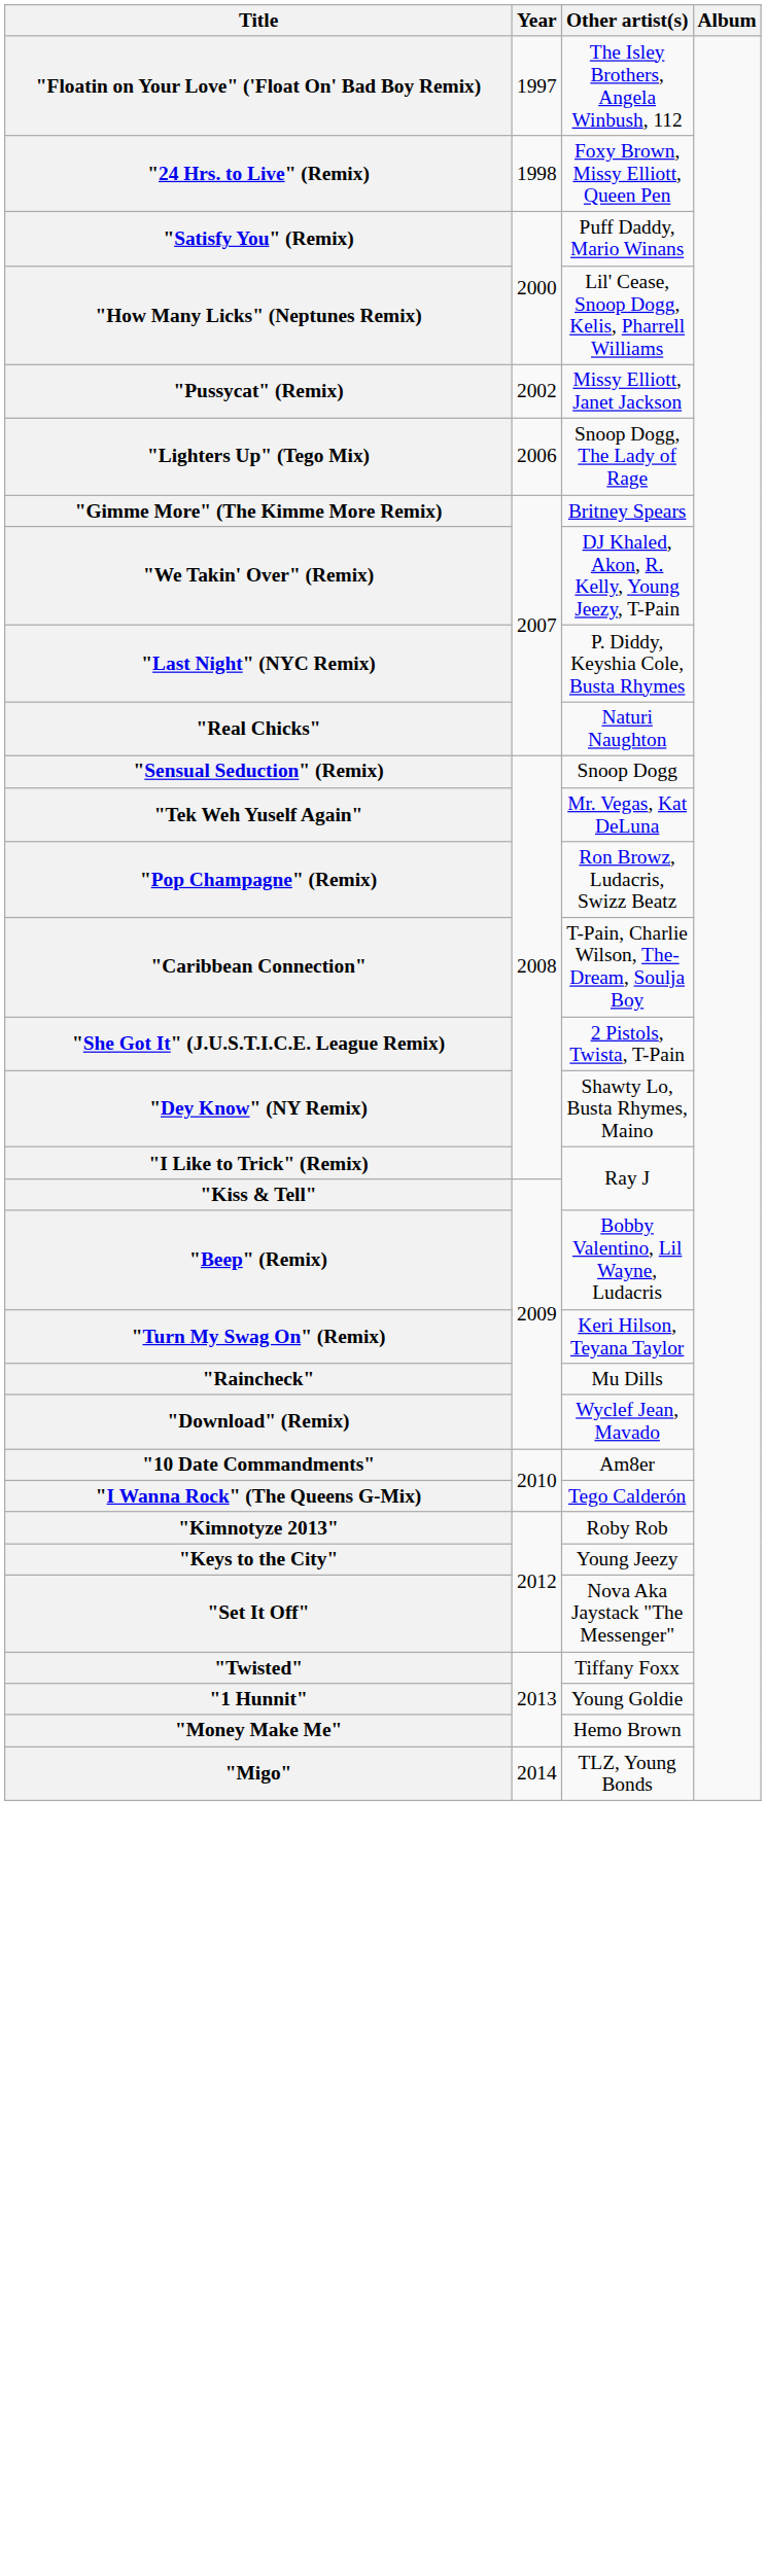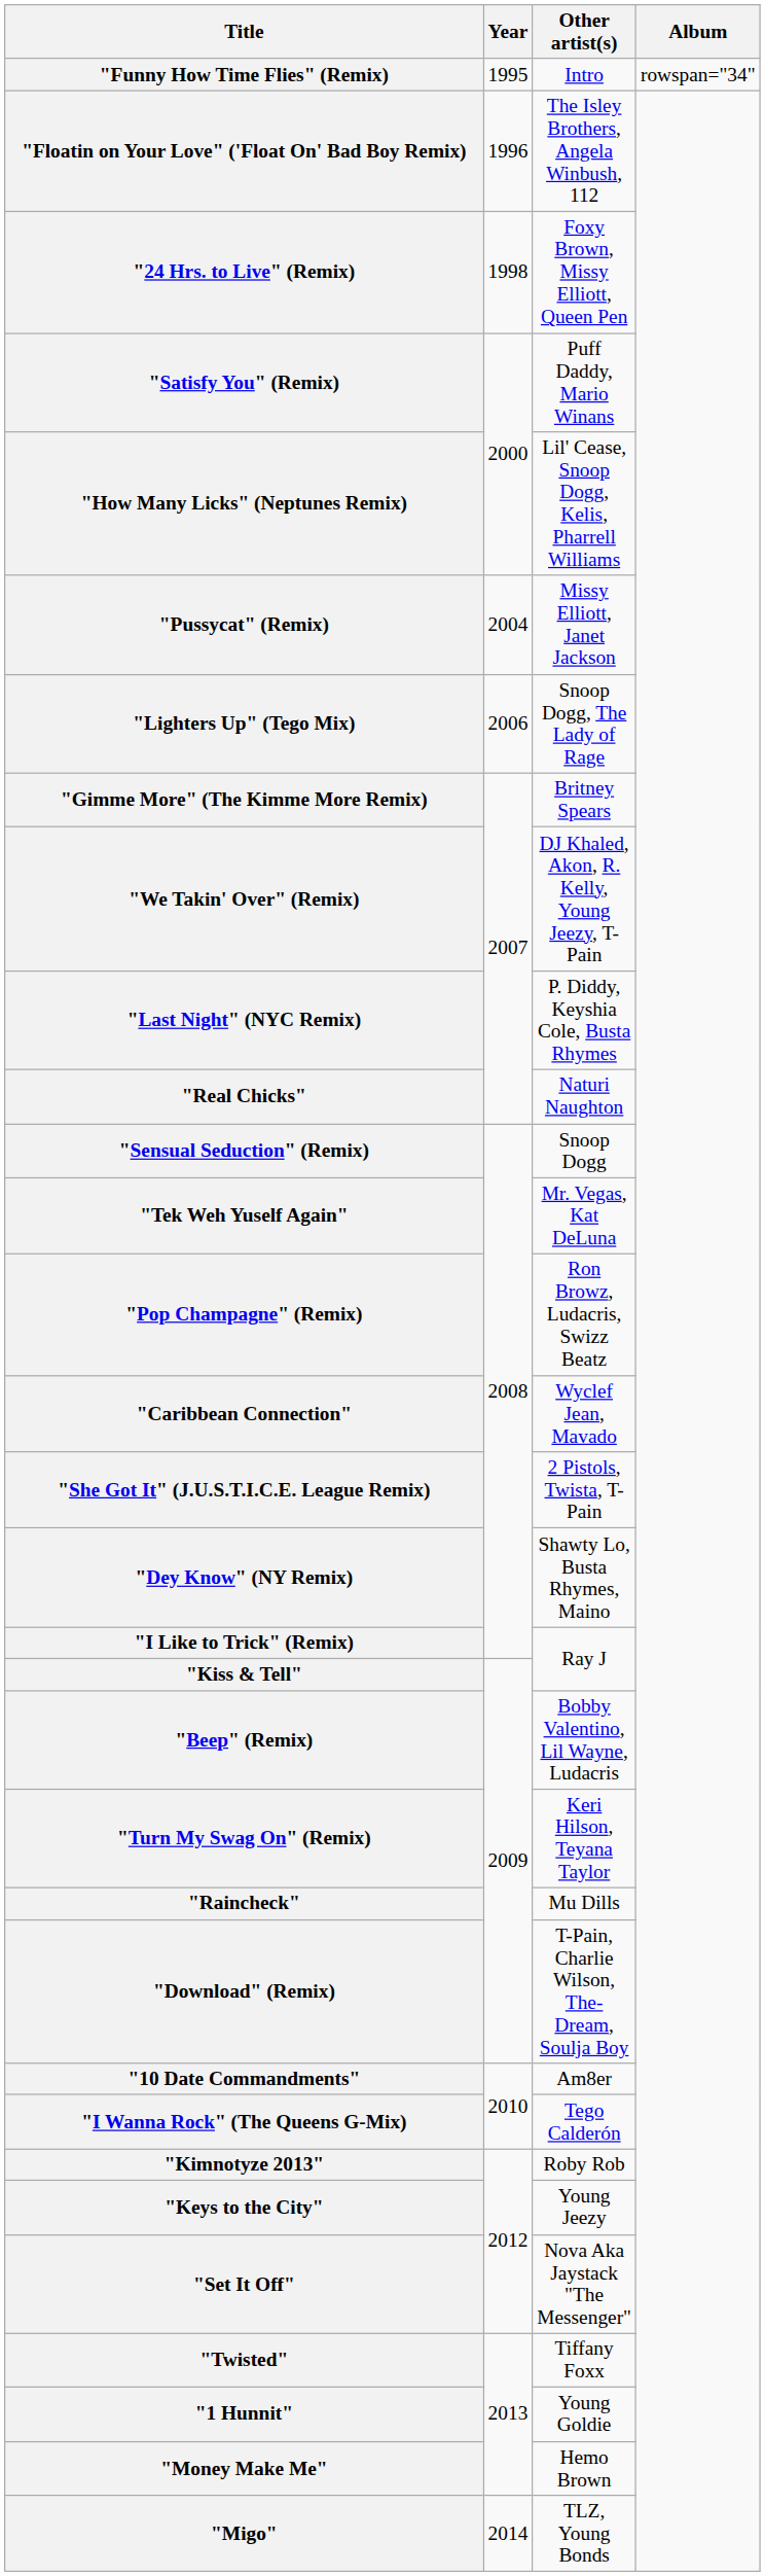 <table class="wikitable plainrowheaders" style="text-align:center;">
 <tr>
 <th scope="col" style="width:25em;">Title</th>
 <th scope="col">Year</th>
 <th scope="col">Other artist(s)</th>
 <th scope="col">Album</th>
 </tr>
 <tr>
+<th scope="row">"Funny How Time Flies" (Remix)</th>
+<td>1995</td>
+<td><a href='#'>Intro</a></td>
+<td>rowspan="34" </td>
+</tr>
+<tr>
 <th scope="row">"Floatin on Your Love" ('Float On' Bad Boy Remix)</th>
-<td>1997</td>
+<td>1996</td>
 <td><a href='#'>The Isley Brothers</a>, <a href='#'>Angela Winbush</a>, 112</td>
 </tr>
 <tr>
 <th scope="row">"<a href='#'>24 Hrs. to Live</a>" (Remix)</th>
 <td>1998</td>
 <td><a href='#'>Foxy Brown</a>, <a href='#'>Missy Elliott</a>, <a href='#'>Queen Pen</a></td>
 </tr>
 <tr>
 <th scope="row">"<a href='#'>Satisfy You</a>" (Remix)</th>
 <td rowspan="2">2000</td>
 <td>Puff Daddy, <a href='#'>Mario Winans</a></td>
 </tr>
 <tr>
 <th scope="row">"How Many Licks" (Neptunes Remix)</th>
 <td>Lil' Cease, <a href='#'>Snoop Dogg</a>, <a href='#'>Kelis</a>, <a href='#'>Pharrell Williams</a></td>
 </tr>
 <tr>
 <th scope="row">"Pussycat" (Remix)</th>
-<td>2002</td>
+<td>2004</td>
 <td><a href='#'>Missy Elliott</a>, <a href='#'>Janet Jackson</a></td>
 </tr>
 <tr>
 <th scope="row">"Lighters Up" (Tego Mix)</th>
 <td>2006</td>
 <td>Snoop Dogg, <a href='#'>The Lady of Rage</a></td>
 </tr>
 <tr>
 <th scope="row">"Gimme More" (The Kimme More Remix)</th>
 <td rowspan="4">2007</td>
 <td><a href='#'>Britney Spears</a></td>
 </tr>
 <tr>
 <th scope="row">"We Takin' Over" (Remix)</th>
 <td><a href='#'>DJ Khaled</a>, <a href='#'>Akon</a>, <a href='#'>R. Kelly</a>, <a href='#'>Young Jeezy</a>, T-Pain</td>
 </tr>
 <tr>
 <th scope="row">"<a href='#'>Last Night</a>" (NYC Remix)</th>
 <td>P. Diddy, Keyshia Cole, <a href='#'>Busta Rhymes</a></td>
 </tr>
 <tr>
 <th scope="row">"Real Chicks"</th>
 <td><a href='#'>Naturi Naughton</a></td>
 </tr>
 <tr>
 <th scope="row">"<a href='#'>Sensual Seduction</a>" (Remix)</th>
 <td rowspan="7">2008</td>
 <td>Snoop Dogg</td>
 </tr>
 <tr>
 <th scope="row">"Tek Weh Yuself Again"</th>
 <td><a href='#'>Mr. Vegas</a>, <a href='#'>Kat DeLuna</a></td>
 </tr>
 <tr>
 <th scope="row">"<a href='#'>Pop Champagne</a>" (Remix)</th>
 <td><a href='#'>Ron Browz</a>, Ludacris, Swizz Beatz</td>
 </tr>
 <tr>
 <th scope="row">"Caribbean Connection"</th>
-<td>T-Pain, Charlie Wilson, <a href='#'>The-Dream</a>, <a href='#'>Soulja Boy</a></td>
+<td><a href='#'>Wyclef Jean</a>, <a href='#'>Mavado</a></td>
 </tr>
 <tr>
 <th scope="row">"<a href='#'>She Got It</a>" (J.U.S.T.I.C.E. League Remix)</th>
 <td><a href='#'>2 Pistols</a>, <a href='#'>Twista</a>, T-Pain</td>
 </tr>
 <tr>
 <th scope="row">"<a href='#'>Dey Know</a>" (NY Remix)</th>
 <td>Shawty Lo, Busta Rhymes, Maino</td>
 </tr>
 <tr>
 <th scope="row">"I Like to Trick" (Remix)</th>
 <td rowspan="2">Ray J</td>
 </tr>
 <tr>
 <th scope="row">"Kiss & Tell"</th>
 <td rowspan="5">2009</td>
 </tr>
 <tr>
 <th scope="row">"<a href='#'>Beep</a>" (Remix)</th>
 <td><a href='#'>Bobby Valentino</a>, <a href='#'>Lil Wayne</a>, Ludacris</td>
 </tr>
 <tr>
 <th scope="row">"<a href='#'>Turn My Swag On</a>" (Remix)</th>
 <td><a href='#'>Keri Hilson</a>, <a href='#'>Teyana Taylor</a></td>
 </tr>
 <tr>
 <th scope="row">"Raincheck"</th>
 <td>Mu Dills</td>
 </tr>
 <tr>
 <th scope="row">"Download" (Remix)</th>
-<td><a href='#'>Wyclef Jean</a>, <a href='#'>Mavado</a></td>
+<td>T-Pain, Charlie Wilson, <a href='#'>The-Dream</a>, <a href='#'>Soulja Boy</a></td>
 </tr>
 <tr>
 <th scope="row">"10 Date Commandments"</th>
 <td rowspan="2">2010</td>
 <td>Am8er</td>
 </tr>
 <tr>
 <th scope="row">"<a href='#'>I Wanna Rock</a>" (The Queens G-Mix)</th>
 <td><a href='#'>Tego Calderón</a></td>
 </tr>
 <tr>
 <th scope="row">"Kimnotyze 2013"</th>
 <td rowspan="3">2012</td>
 <td>Roby Rob</td>
 </tr>
 <tr>
 <th scope="row">"Keys to the City"</th>
 <td>Young Jeezy</td>
 </tr>
 <tr>
 <th scope="row">"Set It Off"</th>
 <td>Nova Aka Jaystack "The Messenger"</td>
 </tr>
 <tr>
 <th scope="row">"Twisted"</th>
 <td rowspan="3">2013</td>
 <td>Tiffany Foxx</td>
 </tr>
 <tr>
 <th scope="row">"1 Hunnit"</th>
 <td>Young Goldie</td>
 </tr>
 <tr>
 <th scope="row">"Money Make Me"</th>
 <td>Hemo Brown</td>
 </tr>
 <tr>
 <th scope="row">"Migo"</th>
 <td>2014</td>
 <td>TLZ, Young Bonds</td>
 </tr>
 </table>
